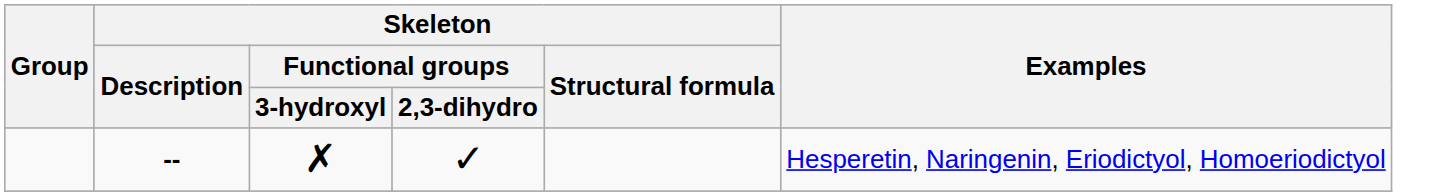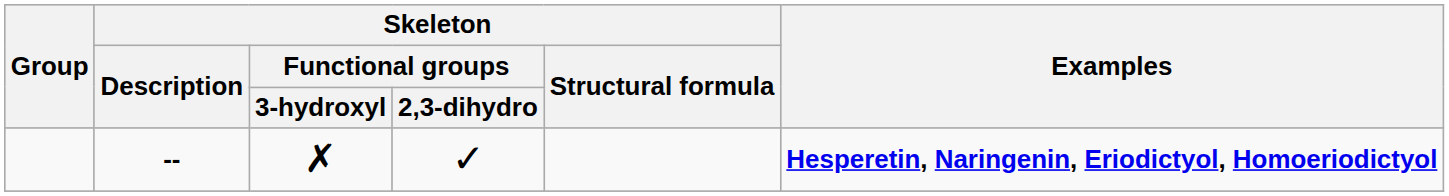 <table class="wikitable">
 <tr>
 <th rowspan=3>Group</th>
 <th colspan=4>Skeleton</th>
 <th rowspan=3>Examples</th>
 </tr>
 <tr>
 <th rowspan=2>Description</th>
 <th colspan=2>Functional groups</th>
 <th rowspan=2>Structural formula</th>
 </tr>
 <tr>
 <th>3-hydroxyl</th>
 <th>2,3-dihydro</th>
 </tr>
 <tr>
 <td style="text-align:center"><strong><a href='#'></a></strong></td>
 <td style="text-align:center"><strong>--</strong></td>
 <td style="text-align:center; font-size:x-large">✗</td>
 <td style="text-align:center; font-size:x-large">✓</td>
 <td></td>
-<td><a href='#'>Hesperetin</a>, <a href='#'>Naringenin</a>, <a href='#'>Eriodictyol</a>, <a href='#'>Homoeriodictyol</a></td>
+<td><strong><a href='#'>Hesperetin</a>, <a href='#'>Naringenin</a>, <a href='#'>Eriodictyol</a>, <a href='#'>Homoeriodictyol</a></strong></td>
 </tr>
 </table>
